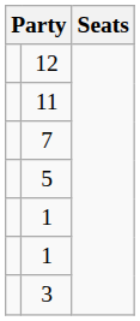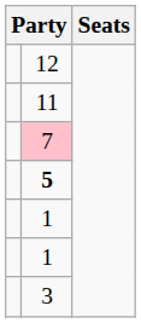 <table class="wikitable" style="font-size: 95%;">
 <tr>
 <th colspan=2>Party</th>
 <th>Seats</th>
 </tr>
 <tr>
 <td></td>
 <td align="center">12</td>
 </tr>
 <tr>
 <td></td>
 <td align="center">11</td>
 </tr>
 <tr>
 <td></td>
-<td align="center">7</td>
+<td align="center" style="background: pink;">7</td>
 </tr>
 <tr>
 <td></td>
-<td align="center">5</td>
+<td align="center"><strong>5</strong></td>
 </tr>
 <tr>
 <td></td>
 <td align="center">1</td>
 </tr>
 <tr>
 <td></td>
 <td align="center">1</td>
 </tr>
 <tr>
 <td></td>
 <td align="center">3</td>
 </tr>
 </table>
